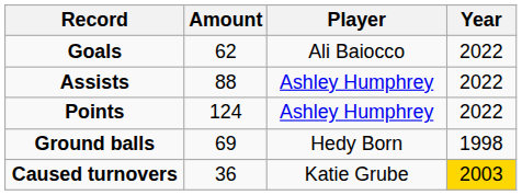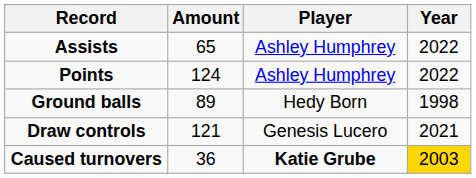 <table class="wikitable">
 <tr>
 <th style="width:140px; ">Record</th>
 <th style="width:35px; ">Amount</th>
 <th style="width:140px; ">Player</th>
 <th style="width:50px; ">Year</th>
 </tr>
 <tr style="text-align:center;">
-<td><strong>Goals</strong></td>
-<td>62</td>
-<td>Ali Baiocco</td>
-<td>2022</td>
-</tr>
-<tr style="text-align:center;">
 <td><strong>Assists</strong></td>
-<td>88</td>
+<td>65</td>
 <td><a href='#'>Ashley Humphrey</a></td>
 <td>2022</td>
 </tr>
 <tr style="text-align:center;">
 <td><strong>Points</strong></td>
 <td>124</td>
 <td><a href='#'>Ashley Humphrey</a></td>
 <td>2022</td>
 </tr>
 <tr style="text-align:center;">
 <td><strong>Ground balls</strong></td>
-<td>69</td>
+<td>89</td>
 <td>Hedy Born</td>
 <td>1998</td>
 </tr>
 <tr style="text-align:center;">
+<td><strong>Draw controls</strong></td>
+<td>121</td>
+<td>Genesis Lucero</td>
+<td>2021</td>
+</tr>
+<tr style="text-align:center;">
 <td><strong>Caused turnovers</strong></td>
 <td>36</td>
-<td>Katie Grube</td>
+<td><strong>Katie Grube</strong></td>
 <td style="background: gold;">2003</td>
 </tr>
 </table>
